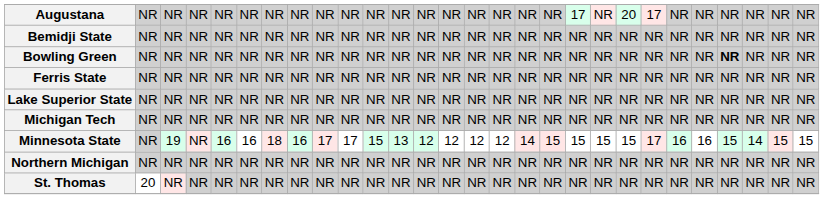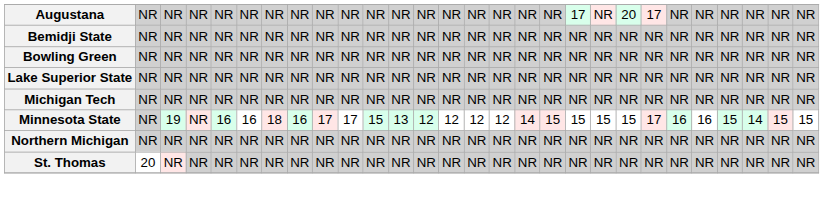 <table class="wikitable sortable" style="text-align: center;">
 <tr>
 </tr>
 <tr bgcolor=d0d0d0>
 <th>Augustana</th>
 <td>NR</td>
 <td>NR</td>
 <td>NR</td>
 <td>NR</td>
 <td>NR</td>
 <td>NR</td>
 <td>NR</td>
 <td>NR</td>
 <td>NR</td>
 <td>NR</td>
 <td>NR</td>
 <td>NR</td>
 <td>NR</td>
 <td>NR</td>
 <td>NR</td>
 <td>NR</td>
 <td>NR</td>
 <td bgcolor=D8FFEB>17</td>
 <td bgcolor=FFE6E6>NR</td>
 <td bgcolor=D8FFEB>20</td>
 <td bgcolor=FFE6E6>17</td>
 <td>NR</td>
 <td>NR</td>
 <td>NR</td>
 <td>NR</td>
 <td>NR</td>
 <td>NR</td>
 </tr>
 <tr bgcolor=d0d0d0>
 <th>Bemidji State</th>
 <td>NR</td>
 <td>NR</td>
 <td>NR</td>
 <td>NR</td>
 <td>NR</td>
 <td>NR</td>
 <td>NR</td>
 <td>NR</td>
 <td>NR</td>
 <td>NR</td>
 <td>NR</td>
 <td>NR</td>
 <td>NR</td>
 <td>NR</td>
 <td>NR</td>
 <td>NR</td>
 <td>NR</td>
 <td>NR</td>
 <td>NR</td>
 <td>NR</td>
 <td>NR</td>
 <td>NR</td>
 <td>NR</td>
 <td>NR</td>
 <td>NR</td>
 <td>NR</td>
 <td>NR</td>
 </tr>
 <tr bgcolor=d0d0d0>
 <th>Bowling Green</th>
-<td>NR</td>
-<td>NR</td>
-<td>NR</td>
-<td>NR</td>
-<td>NR</td>
-<td>NR</td>
-<td>NR</td>
-<td>NR</td>
-<td>NR</td>
-<td>NR</td>
-<td>NR</td>
-<td>NR</td>
-<td>NR</td>
-<td>NR</td>
-<td>NR</td>
-<td>NR</td>
-<td>NR</td>
-<td>NR</td>
-<td>NR</td>
-<td>NR</td>
-<td>NR</td>
-<td>NR</td>
-<td>NR</td>
-<td><strong>NR</strong></td>
-<td>NR</td>
-<td>NR</td>
-<td>NR</td>
-</tr>
-<tr bgcolor=d0d0d0>
-<th>Ferris State</th>
 <td>NR</td>
 <td>NR</td>
 <td>NR</td>
 <td>NR</td>
 <td>NR</td>
 <td>NR</td>
 <td>NR</td>
 <td>NR</td>
 <td>NR</td>
 <td>NR</td>
 <td>NR</td>
 <td>NR</td>
 <td>NR</td>
 <td>NR</td>
 <td>NR</td>
 <td>NR</td>
 <td>NR</td>
 <td>NR</td>
 <td>NR</td>
 <td>NR</td>
 <td>NR</td>
 <td>NR</td>
 <td>NR</td>
 <td>NR</td>
 <td>NR</td>
 <td>NR</td>
 <td>NR</td>
 </tr>
 <tr bgcolor=d0d0d0>
 <th>Lake Superior State</th>
 <td>NR</td>
 <td>NR</td>
 <td>NR</td>
 <td>NR</td>
 <td>NR</td>
 <td>NR</td>
 <td>NR</td>
 <td>NR</td>
 <td>NR</td>
 <td>NR</td>
 <td>NR</td>
 <td>NR</td>
 <td>NR</td>
 <td>NR</td>
 <td>NR</td>
 <td>NR</td>
 <td>NR</td>
 <td>NR</td>
 <td>NR</td>
 <td>NR</td>
 <td>NR</td>
 <td>NR</td>
 <td>NR</td>
 <td>NR</td>
 <td>NR</td>
 <td>NR</td>
 <td>NR</td>
 </tr>
 <tr bgcolor=d0d0d0>
 <th>Michigan Tech</th>
 <td>NR</td>
 <td>NR</td>
 <td>NR</td>
 <td>NR</td>
 <td>NR</td>
 <td>NR</td>
 <td>NR</td>
 <td>NR</td>
 <td>NR</td>
 <td>NR</td>
 <td>NR</td>
 <td>NR</td>
 <td>NR</td>
 <td>NR</td>
 <td>NR</td>
 <td>NR</td>
 <td>NR</td>
 <td>NR</td>
 <td>NR</td>
 <td>NR</td>
 <td>NR</td>
 <td>NR</td>
 <td>NR</td>
 <td>NR</td>
 <td>NR</td>
 <td>NR</td>
 <td>NR</td>
 </tr>
 <tr bgcolor=d0d0d0>
 <th>Minnesota State</th>
 <td>NR</td>
 <td bgcolor=D8FFEB>19</td>
 <td bgcolor=FFE6E6>NR</td>
 <td bgcolor=D8FFEB>16</td>
 <td bgcolor=FFFFFF>16</td>
 <td bgcolor=FFE6E6>18</td>
 <td bgcolor=D8FFEB>16</td>
 <td bgcolor=FFE6E6>17</td>
 <td bgcolor=FFFFFF>17</td>
 <td bgcolor=D8FFEB>15</td>
 <td bgcolor=D8FFEB>13</td>
 <td bgcolor=D8FFEB>12</td>
 <td bgcolor=FFFFFF>12</td>
 <td bgcolor=FFFFFF>12</td>
 <td bgcolor=FFFFFF>12</td>
 <td bgcolor=FFE6E6>14</td>
 <td bgcolor=FFE6E6>15</td>
 <td bgcolor=FFFFFF>15</td>
 <td bgcolor=FFFFFF>15</td>
 <td bgcolor=FFFFFF>15</td>
 <td bgcolor=FFE6E6>17</td>
 <td bgcolor=D8FFEB>16</td>
 <td bgcolor=FFFFFF>16</td>
 <td bgcolor=D8FFEB>15</td>
 <td bgcolor=D8FFEB>14</td>
 <td bgcolor=FFE6E6>15</td>
 <td bgcolor=FFFFFF>15</td>
 </tr>
 <tr bgcolor=d0d0d0>
 <th>Northern Michigan</th>
 <td>NR</td>
 <td>NR</td>
 <td>NR</td>
 <td>NR</td>
 <td>NR</td>
 <td>NR</td>
 <td>NR</td>
 <td>NR</td>
 <td>NR</td>
 <td>NR</td>
 <td>NR</td>
 <td>NR</td>
 <td>NR</td>
 <td>NR</td>
 <td>NR</td>
 <td>NR</td>
 <td>NR</td>
 <td>NR</td>
 <td>NR</td>
 <td>NR</td>
 <td>NR</td>
 <td>NR</td>
 <td>NR</td>
 <td>NR</td>
 <td>NR</td>
 <td>NR</td>
 <td>NR</td>
 </tr>
 <tr bgcolor=d0d0d0>
 <th>St. Thomas</th>
 <td bgcolor=ffffff>20</td>
 <td bgcolor=FFE6E6>NR</td>
 <td>NR</td>
 <td>NR</td>
 <td>NR</td>
 <td>NR</td>
 <td>NR</td>
 <td>NR</td>
 <td>NR</td>
 <td>NR</td>
 <td>NR</td>
 <td>NR</td>
 <td>NR</td>
 <td>NR</td>
 <td>NR</td>
 <td>NR</td>
 <td>NR</td>
 <td>NR</td>
 <td>NR</td>
 <td>NR</td>
 <td>NR</td>
 <td>NR</td>
 <td>NR</td>
 <td>NR</td>
 <td>NR</td>
 <td>NR</td>
 <td>NR</td>
 </tr>
 <tr>
 </tr>
 </table>
